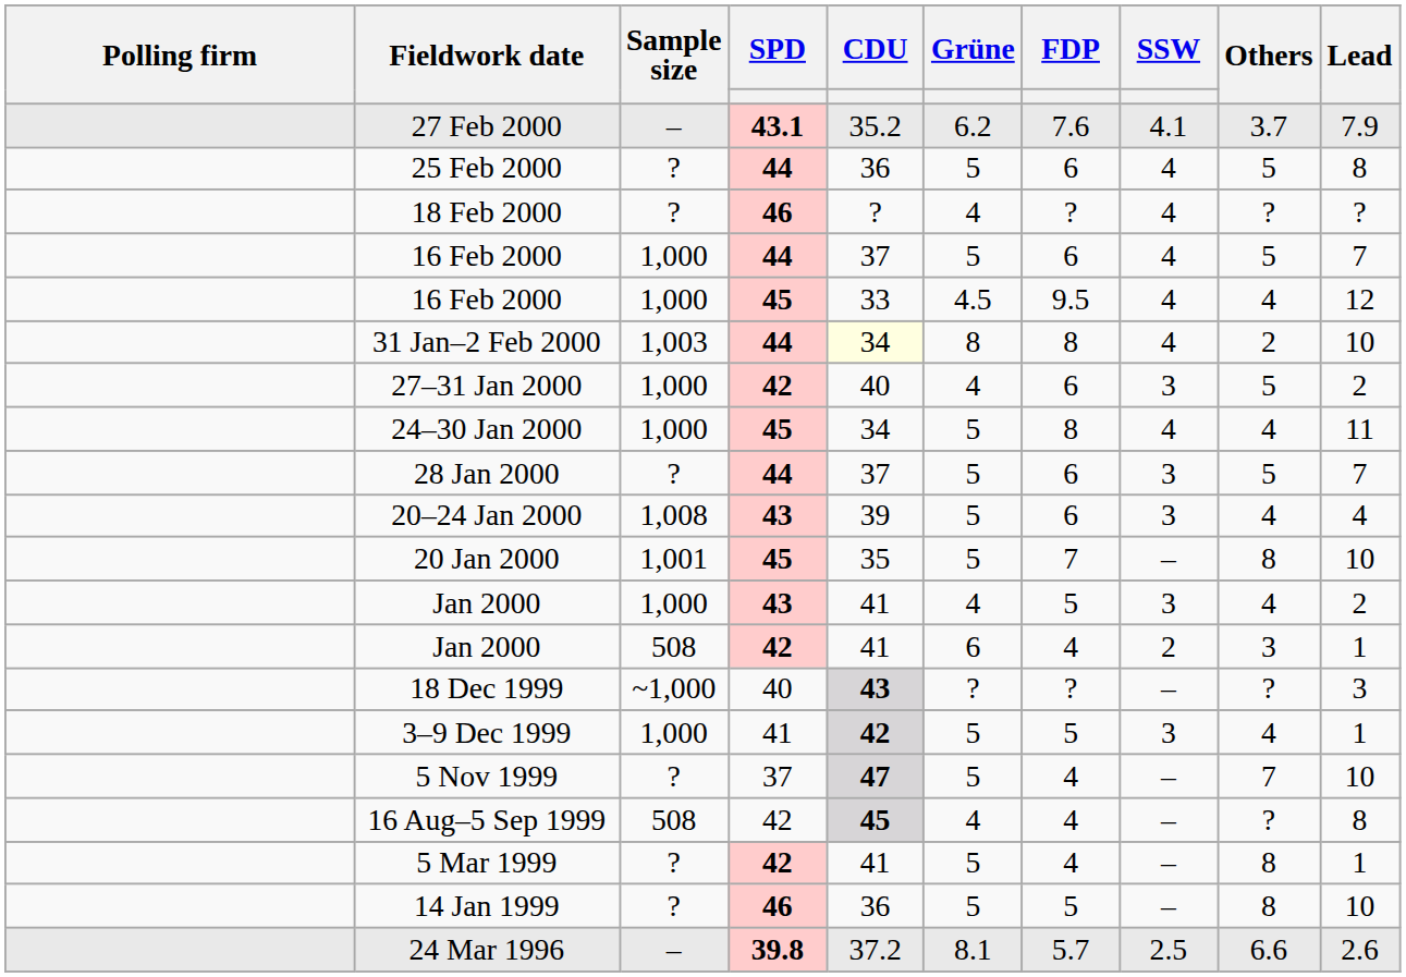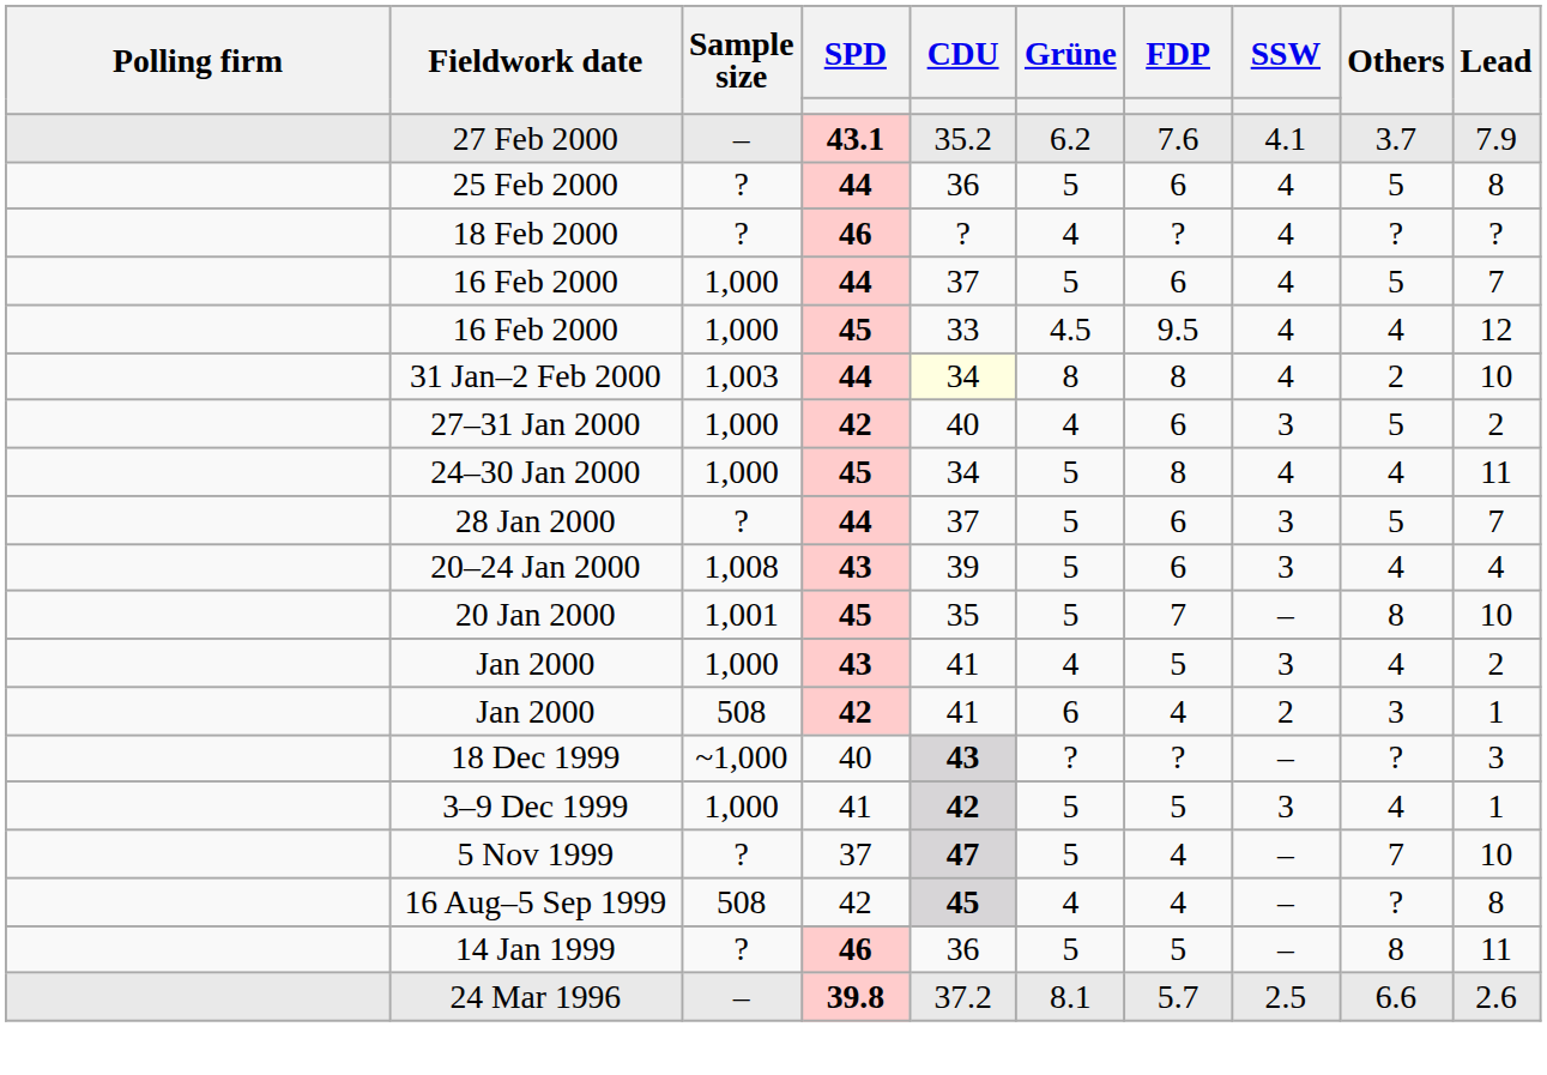 <table class="wikitable sortable" style="text-align:center;font-size:90%;line-height:14px;">
 <tr style="height:40px;">
 <th style="width:160px;" rowspan="2">Polling firm</th>
 <th style="width:120px;" rowspan="2">Fieldwork date</th>
 <th style="width:35px;" rowspan="2">Sample<br>size</th>
 <th class="unsortable" style="width:40px;"><a href='#'>SPD</a></th>
 <th class="unsortable" style="width:40px;"><a href='#'>CDU</a></th>
 <th class="unsortable" style="width:40px;"><a href='#'>Grüne</a></th>
 <th class="unsortable" style="width:40px;"><a href='#'>FDP</a></th>
 <th class="unsortable" style="width:40px;"><a href='#'>SSW</a></th>
 <th class="unsortable" style="width:40px;" rowspan="2">Others</th>
 <th style="width:30px;" rowspan="2">Lead</th>
 </tr>
 <tr>
 <th style="background:"></th>
 <th style="background:"></th>
 <th style="background:"></th>
 <th style="background:"></th>
 <th style="background:"></th>
 </tr>
 <tr style="background:#E9E9E9;">
 <td></td>
 <td data-sort-value="2000-02-27">27 Feb 2000</td>
 <td>–</td>
 <td style="background:#FFCCCC;"><strong>43.1</strong></td>
 <td>35.2</td>
 <td>6.2</td>
 <td>7.6</td>
 <td>4.1</td>
 <td>3.7</td>
 <td style="background:">7.9</td>
 </tr>
 <tr>
 <td></td>
 <td data-sort-value="2000-02-25">25 Feb 2000</td>
 <td>?</td>
 <td style="background:#FFCCCC;"><strong>44</strong></td>
 <td>36</td>
 <td>5</td>
 <td>6</td>
 <td>4</td>
 <td>5</td>
 <td style="background:">8</td>
 </tr>
 <tr>
 <td></td>
 <td data-sort-value="2000-02-18">18 Feb 2000</td>
 <td>?</td>
 <td style="background:#FFCCCC;"><strong>46</strong></td>
 <td>?</td>
 <td>4</td>
 <td>?</td>
 <td>4</td>
 <td>?</td>
 <td style="background:">?</td>
 </tr>
 <tr>
 <td></td>
 <td data-sort-value="2000-02-16">16 Feb 2000</td>
 <td>1,000</td>
 <td style="background:#FFCCCC;"><strong>44</strong></td>
 <td>37</td>
 <td>5</td>
 <td>6</td>
 <td>4</td>
 <td>5</td>
 <td style="background:">7</td>
 </tr>
 <tr>
 <td></td>
 <td data-sort-value="2000-02-16">16 Feb 2000</td>
 <td>1,000</td>
 <td style="background:#FFCCCC;"><strong>45</strong></td>
 <td>33</td>
 <td>4.5</td>
 <td>9.5</td>
 <td>4</td>
 <td>4</td>
 <td style="background:">12</td>
 </tr>
 <tr>
 <td></td>
 <td data-sort-value="2000-02-04">31 Jan–2 Feb 2000</td>
 <td>1,003</td>
 <td style="background:#FFCCCC;"><strong>44</strong></td>
 <td style="background: lightyellow;">34</td>
 <td>8</td>
 <td>8</td>
 <td>4</td>
 <td>2</td>
 <td style="background:">10</td>
 </tr>
 <tr>
 <td></td>
 <td data-sort-value="2000-02-02">27–31 Jan 2000</td>
 <td>1,000</td>
 <td style="background:#FFCCCC;"><strong>42</strong></td>
 <td>40</td>
 <td>4</td>
 <td>6</td>
 <td>3</td>
 <td>5</td>
 <td style="background:">2</td>
 </tr>
 <tr>
 <td></td>
 <td data-sort-value="2000-02-02">24–30 Jan 2000</td>
 <td>1,000</td>
 <td style="background:#FFCCCC;"><strong>45</strong></td>
 <td>34</td>
 <td>5</td>
 <td>8</td>
 <td>4</td>
 <td>4</td>
 <td style="background:">11</td>
 </tr>
 <tr>
 <td></td>
 <td data-sort-value="2000-01-28">28 Jan 2000</td>
 <td>?</td>
 <td style="background:#FFCCCC;"><strong>44</strong></td>
 <td>37</td>
 <td>5</td>
 <td>6</td>
 <td>3</td>
 <td>5</td>
 <td style="background:">7</td>
 </tr>
 <tr>
 <td></td>
 <td data-sort-value="2000-01-26">20–24 Jan 2000</td>
 <td>1,008</td>
 <td style="background:#FFCCCC;"><strong>43</strong></td>
 <td>39</td>
 <td>5</td>
 <td>6</td>
 <td>3</td>
 <td>4</td>
 <td style="background:">4</td>
 </tr>
 <tr>
 <td></td>
 <td data-sort-value="2000-01-20">20 Jan 2000</td>
 <td>1,001</td>
 <td style="background:#FFCCCC;"><strong>45</strong></td>
 <td>35</td>
 <td>5</td>
 <td>7</td>
 <td>–</td>
 <td>8</td>
 <td style="background:">10</td>
 </tr>
 <tr>
 <td></td>
 <td data-sort-value="2000-01-12">Jan 2000</td>
 <td>1,000</td>
 <td style="background:#FFCCCC;"><strong>43</strong></td>
 <td>41</td>
 <td>4</td>
 <td>5</td>
 <td>3</td>
 <td>4</td>
 <td style="background:">2</td>
 </tr>
 <tr>
 <td></td>
 <td data-sort-value="2000-01-12">Jan 2000</td>
 <td>508</td>
 <td style="background:#FFCCCC;"><strong>42</strong></td>
 <td>41</td>
 <td>6</td>
 <td>4</td>
 <td>2</td>
 <td>3</td>
 <td style="background:">1</td>
 </tr>
 <tr>
 <td></td>
 <td data-sort-value="1999-12-18">18 Dec 1999</td>
 <td>~1,000</td>
 <td>40</td>
 <td style="background:#D7D5D7;"><strong>43</strong></td>
 <td>?</td>
 <td>?</td>
 <td>–</td>
 <td>?</td>
 <td style="background:">3</td>
 </tr>
 <tr>
 <td></td>
 <td data-sort-value="1999-12-15">3–9 Dec 1999</td>
 <td>1,000</td>
 <td>41</td>
 <td style="background:#D7D5D7;"><strong>42</strong></td>
 <td>5</td>
 <td>5</td>
 <td>3</td>
 <td>4</td>
 <td style="background:">1</td>
 </tr>
 <tr>
 <td></td>
 <td data-sort-value="1999-11-05">5 Nov 1999</td>
 <td>?</td>
 <td>37</td>
 <td style="background:#D7D5D7;"><strong>47</strong></td>
 <td>5</td>
 <td>4</td>
 <td>–</td>
 <td>7</td>
 <td style="background:">10</td>
 </tr>
 <tr>
 <td></td>
 <td data-sort-value="1999-09-17">16 Aug–5 Sep 1999</td>
 <td>508</td>
 <td>42</td>
 <td style="background:#D7D5D7;"><strong>45</strong></td>
 <td>4</td>
 <td>4</td>
 <td>–</td>
 <td>?</td>
 <td style="background:">8</td>
 </tr>
 <tr>
 <td></td>
-<td data-sort-value="1999-03-05">5 Mar 1999</td>
-<td>?</td>
-<td style="background:#FFCCCC;"><strong>42</strong></td>
-<td>41</td>
-<td>5</td>
-<td>4</td>
-<td>–</td>
-<td>8</td>
-<td style="background:">1</td>
-</tr>
-<tr>
-<td></td>
 <td data-sort-value="1999-01-14">14 Jan 1999</td>
 <td>?</td>
 <td style="background:#FFCCCC;"><strong>46</strong></td>
 <td>36</td>
 <td>5</td>
 <td>5</td>
 <td>–</td>
 <td>8</td>
-<td style="background:">10</td>
+<td style="background:">11</td>
 </tr>
 <tr style="background:#E9E9E9;">
 <td></td>
 <td data-sort-value="1996-03-24">24 Mar 1996</td>
 <td>–</td>
 <td style="background:#FFCCCC;"><strong>39.8</strong></td>
 <td>37.2</td>
 <td>8.1</td>
 <td>5.7</td>
 <td>2.5</td>
 <td>6.6</td>
 <td style="background:">2.6</td>
 </tr>
 </table>
